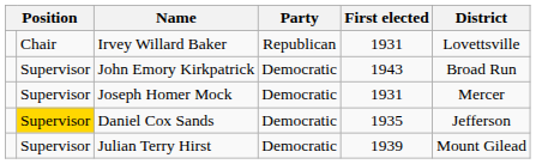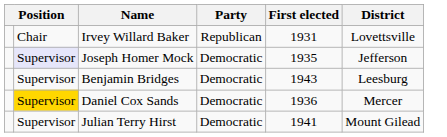 <table class="wikitable">
 <tr>
 <th colspan="2">Position</th>
 <th>Name</th>
 <th>Party</th>
 <th>First elected</th>
 <th>District</th>
 </tr>
 <tr>
 <td style="background-color:"> </td>
 <td>Chair</td>
 <td>Irvey Willard Baker</td>
 <td style="text-align:center;">Republican</td>
 <td style="text-align:center;">1931</td>
 <td style="text-align:center;">Lovettsville</td>
 </tr>
 <tr>
 <td style="background-color:"> </td>
-<td>Supervisor</td>
-<td>John Emory Kirkpatrick</td>
-<td style="text-align:center;">Democratic</td>
-<td style="text-align:center;">1943</td>
-<td style="text-align:center;">Broad Run</td>
-</tr>
-<tr>
-<td style="background-color:"> </td>
-<td>Supervisor</td>
+<td style="background: lavender;">Supervisor</td>
 <td>Joseph Homer Mock</td>
-<td style="text-align:center;">Democratic</td>
-<td style="text-align:center;">1931</td>
-<td style="text-align:center;">Mercer</td>
-</tr>
-<tr>
-<td style="background-color:"> </td>
-<td style="background: gold;">Supervisor</td>
-<td>Daniel Cox Sands</td>
 <td style="text-align:center;">Democratic</td>
 <td style="text-align:center;">1935</td>
 <td style="text-align:center;">Jefferson</td>
 </tr>
 <tr>
 <td style="background-color:"> </td>
 <td>Supervisor</td>
+<td>Benjamin Bridges</td>
+<td style="text-align:center;">Democratic</td>
+<td style="text-align:center;">1943</td>
+<td style="text-align:center;">Leesburg</td>
+</tr>
+<tr>
+<td style="background-color:"> </td>
+<td style="background: gold;">Supervisor</td>
+<td>Daniel Cox Sands</td>
+<td style="text-align:center;">Democratic</td>
+<td style="text-align:center;">1936</td>
+<td style="text-align:center;">Mercer</td>
+</tr>
+<tr>
+<td style="background-color:"> </td>
+<td>Supervisor</td>
 <td>Julian Terry Hirst</td>
 <td style="text-align:center;">Democratic</td>
-<td style="text-align:center;">1939</td>
+<td style="text-align:center;">1941</td>
 <td style="text-align:center;">Mount Gilead</td>
 </tr>
 </table>
